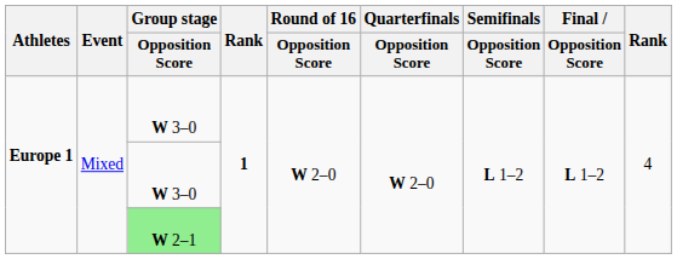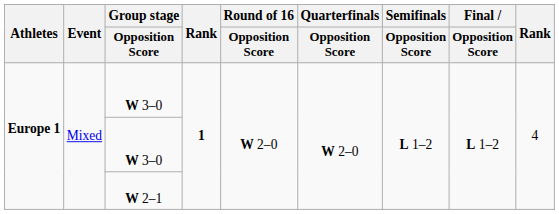 <table class=wikitable style="font-size:90%">
 <tr>
 <th rowspan="2">Athletes</th>
 <th rowspan="2">Event</th>
 <th>Group stage</th>
 <th rowspan="2">Rank</th>
 <th>Round of 16</th>
 <th>Quarterfinals</th>
 <th>Semifinals</th>
 <th>Final / </th>
 <th rowspan=2>Rank</th>
 </tr>
 <tr style="font-size:95%">
 <th>Opposition<br>Score</th>
 <th>Opposition<br>Score</th>
 <th>Opposition<br>Score</th>
 <th>Opposition<br>Score</th>
 <th>Opposition<br>Score</th>
 </tr>
 <tr align=center>
 <td align=left rowspan=3><strong>Europe 1</strong><br><br></td>
 <td align=left rowspan=3><a href='#'>Mixed</a></td>
 <td><br><br><strong>W</strong> 3–0</td>
 <td rowspan=3><strong>1</strong></td>
 <td rowspan=3><br><strong>W</strong> 2–0</td>
 <td rowspan=3><br><br><strong>W</strong> 2–0</td>
 <td rowspan=3><br><strong>L</strong> 1–2</td>
 <td rowspan=3 colspan=1><br><strong>L</strong> 1–2</td>
 <td rowspan=3>4</td>
 </tr>
 <tr align=center>
 <td><br><br><strong>W</strong> 3–0</td>
 </tr>
 <tr align=center>
-<td style="background: lightgreen;"><br><strong>W</strong> 2–1</td>
+<td><br><strong>W</strong> 2–1</td>
 </tr>
 </table>
